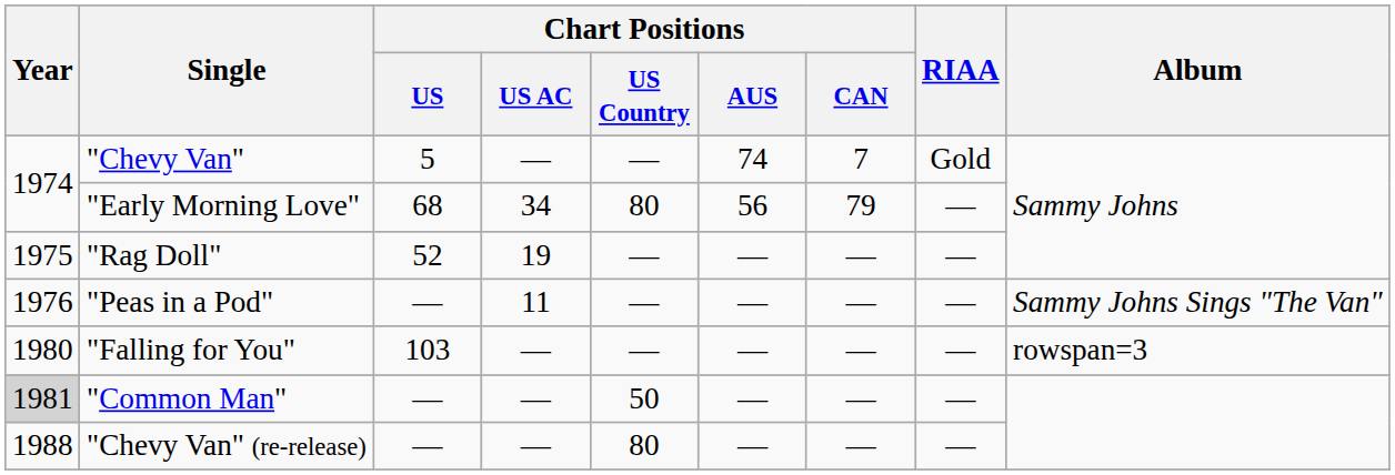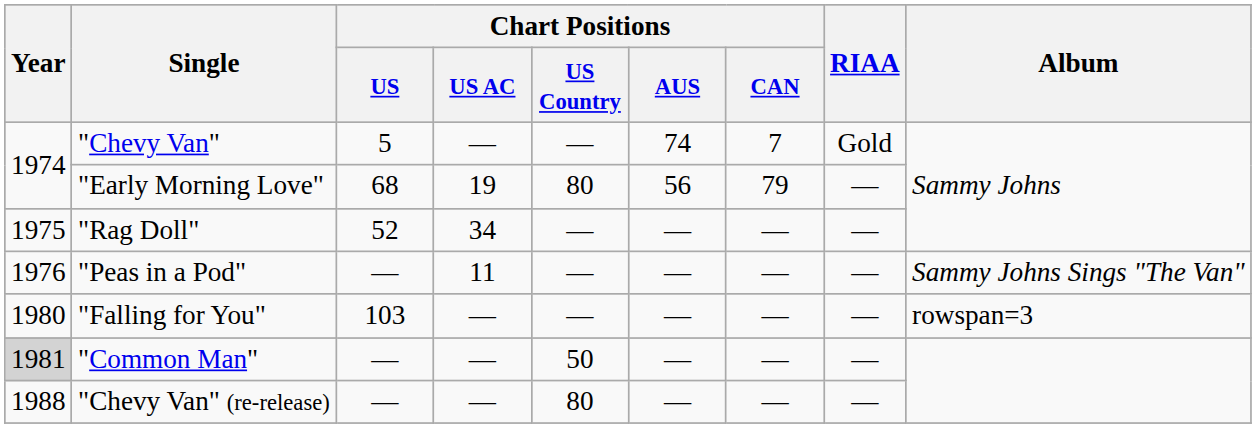 <table class="wikitable">
 <tr>
 <th rowspan="2">Year</th>
 <th rowspan="2">Single</th>
 <th colspan="5">Chart Positions</th>
 <th rowspan="2"><a href='#'>RIAA</a></th>
 <th rowspan="2">Album</th>
 </tr>
 <tr>
 <th width="50"><small><a href='#'>US</a></small></th>
 <th width="50"><small><a href='#'>US AC</a></small></th>
 <th width="50"><small><a href='#'>US Country</a></small></th>
 <th width="50"><small><a href='#'>AUS</a></small></th>
 <th width="50"><small><a href='#'>CAN</a></small></th>
 </tr>
 <tr>
 <td rowspan=2>1974</td>
 <td>"<a href='#'>Chevy Van</a>"</td>
 <td align=center>5</td>
 <td align=center>—</td>
 <td align=center>—</td>
 <td align=center>74</td>
 <td align=center>7</td>
 <td align=center>Gold</td>
 <td rowspan=3><em>Sammy Johns</em></td>
 </tr>
 <tr>
 <td>"Early Morning Love"</td>
 <td align=center>68</td>
-<td align=center>34</td>
+<td align=center>19</td>
 <td align=center>80</td>
 <td align=center>56</td>
 <td align=center>79</td>
 <td align=center>—</td>
 </tr>
 <tr>
 <td>1975</td>
 <td>"Rag Doll"</td>
 <td align=center>52</td>
-<td align=center>19</td>
+<td align=center>34</td>
 <td align=center>—</td>
 <td align=center>—</td>
 <td align=center>—</td>
 <td align=center>—</td>
 </tr>
 <tr>
 <td>1976</td>
 <td>"Peas in a Pod"</td>
 <td align=center>—</td>
 <td align=center>11</td>
 <td align=center>—</td>
 <td align=center>—</td>
 <td align=center>—</td>
 <td align=center>—</td>
 <td><em>Sammy Johns Sings "The Van" </em></td>
 </tr>
 <tr>
 <td>1980</td>
 <td>"Falling for You"</td>
 <td align=center>103</td>
 <td align=center>—</td>
 <td align=center>—</td>
 <td align=center>—</td>
 <td align=center>—</td>
 <td align=center>—</td>
 <td>rowspan=3 </td>
 </tr>
 <tr>
 <td style="background: lightgrey;">1981</td>
 <td>"<a href='#'>Common Man</a>"</td>
 <td align=center>—</td>
 <td align=center>—</td>
 <td align=center>50</td>
 <td align=center>—</td>
 <td align=center>—</td>
 <td align=center>—</td>
 </tr>
 <tr>
 <td>1988</td>
 <td>"Chevy Van" <small>(re-release)</small></td>
 <td align=center>—</td>
 <td align=center>—</td>
 <td align=center>80</td>
 <td align=center>—</td>
 <td align=center>—</td>
 <td align=center>—</td>
 </tr>
 </table>
